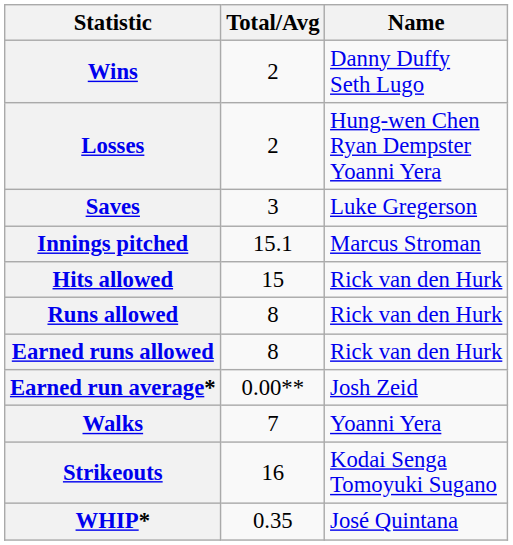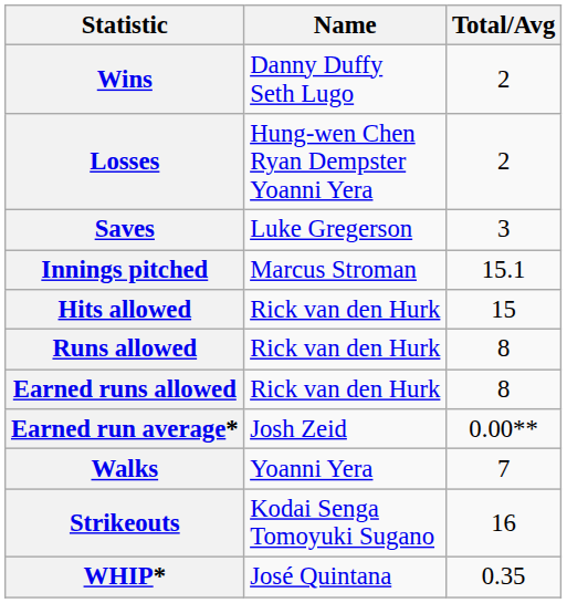 <table class="wikitable plainrowheaders">
 <tr>
 <th scope="col">Statistic</th>
+<th scope="col">Name</th>
 <th scope="col">Total/Avg</th>
-<th scope="col">Name</th>
 </tr>
 <tr>
 <th scope="row"><a href='#'>Wins</a></th>
+<td> <a href='#'>Danny Duffy</a><br> <a href='#'>Seth Lugo</a></td>
 <td align=center>2</td>
-<td> <a href='#'>Danny Duffy</a><br> <a href='#'>Seth Lugo</a></td>
 </tr>
 <tr>
 <th scope="row"><a href='#'>Losses</a></th>
+<td> <a href='#'>Hung-wen Chen</a><br> <a href='#'>Ryan Dempster</a><br> <a href='#'>Yoanni Yera</a></td>
 <td align=center>2</td>
-<td> <a href='#'>Hung-wen Chen</a><br> <a href='#'>Ryan Dempster</a><br> <a href='#'>Yoanni Yera</a></td>
 </tr>
 <tr>
 <th scope="row"><a href='#'>Saves</a></th>
+<td> <a href='#'>Luke Gregerson</a></td>
 <td align=center>3</td>
-<td> <a href='#'>Luke Gregerson</a></td>
 </tr>
 <tr>
 <th scope="row"><a href='#'>Innings pitched</a></th>
+<td> <a href='#'>Marcus Stroman</a></td>
 <td align=center>15.1</td>
-<td> <a href='#'>Marcus Stroman</a></td>
 </tr>
 <tr>
 <th scope="row"><a href='#'>Hits allowed</a></th>
+<td> <a href='#'>Rick van den Hurk</a></td>
 <td align=center>15</td>
-<td> <a href='#'>Rick van den Hurk</a></td>
 </tr>
 <tr>
 <th scope="row"><a href='#'>Runs allowed</a></th>
+<td> <a href='#'>Rick van den Hurk</a></td>
 <td align=center>8</td>
-<td> <a href='#'>Rick van den Hurk</a></td>
 </tr>
 <tr>
 <th scope="row"><a href='#'>Earned runs allowed</a></th>
+<td> <a href='#'>Rick van den Hurk</a></td>
 <td align=center>8</td>
-<td> <a href='#'>Rick van den Hurk</a></td>
 </tr>
 <tr>
 <th scope="row"><a href='#'>Earned run average</a>*</th>
+<td> <a href='#'>Josh Zeid</a></td>
 <td align=center>0.00**</td>
-<td> <a href='#'>Josh Zeid</a></td>
 </tr>
 <tr>
 <th scope="row"><a href='#'>Walks</a></th>
+<td> <a href='#'>Yoanni Yera</a></td>
 <td align=center>7</td>
-<td> <a href='#'>Yoanni Yera</a></td>
 </tr>
 <tr>
 <th scope="row"><a href='#'>Strikeouts</a></th>
+<td> <a href='#'>Kodai Senga</a><br> <a href='#'>Tomoyuki Sugano</a></td>
 <td align=center>16</td>
-<td> <a href='#'>Kodai Senga</a><br> <a href='#'>Tomoyuki Sugano</a></td>
 </tr>
 <tr>
 <th scope="row"><a href='#'>WHIP</a>*</th>
+<td> <a href='#'>José Quintana</a></td>
 <td align=center>0.35</td>
-<td> <a href='#'>José Quintana</a></td>
 </tr>
 </table>
